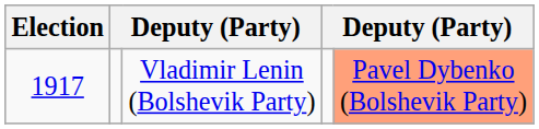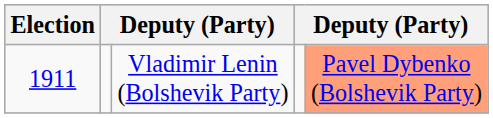 <table class="wikitable" style="text-align:center; font-size:95%">
 <tr>
 <th>Election</th>
 <th colspan=2>Deputy (Party)</th>
 <th colspan=2>Deputy (Party)</th>
 </tr>
 <tr>
-<td><a href='#'>1917</a></td>
+<td><a href='#'>1911</a></td>
 <td style="background-color: "></td>
 <td><a href='#'>Vladimir Lenin</a> <br> (<a href='#'>Bolshevik Party</a>)</td>
 <td style="background-color: "></td>
 <td style="background: lightsalmon;"><a href='#'>Pavel Dybenko</a> <br> (<a href='#'>Bolshevik Party</a>)</td>
 </tr>
 </table>
